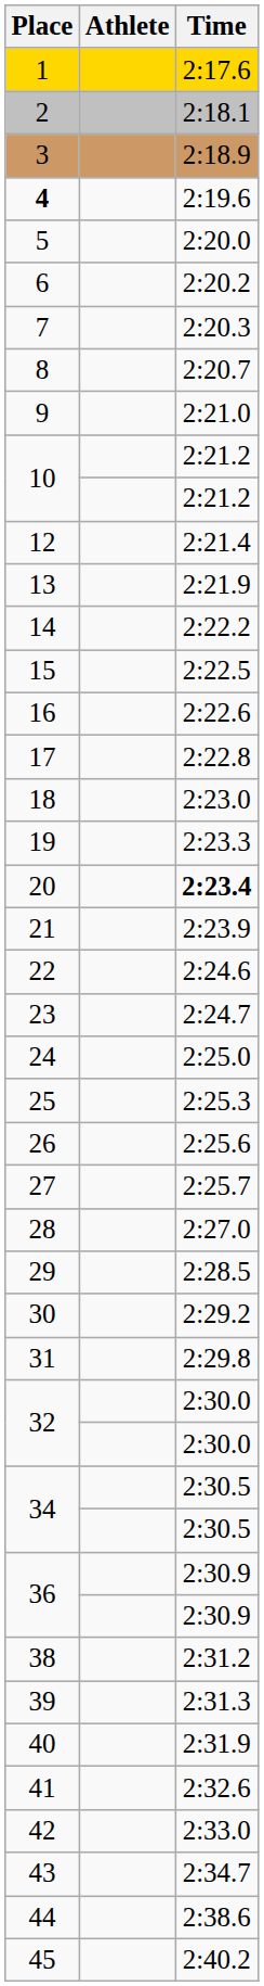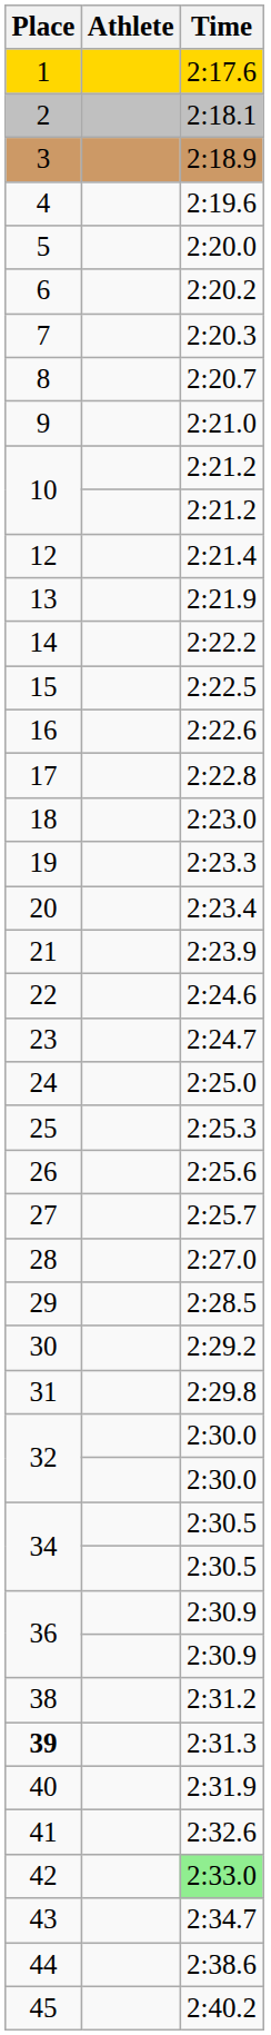 <table class="wikitable" style="text-align:center">
 <tr>
 <th>Place</th>
 <th>Athlete</th>
 <th>Time</th>
 </tr>
 <tr bgcolor=gold>
 <td>1</td>
 <td align=left></td>
 <td>2:17.6</td>
 </tr>
 <tr bgcolor=silver>
 <td>2</td>
 <td align=left></td>
 <td>2:18.1</td>
 </tr>
 <tr bgcolor=cc9966>
 <td>3</td>
 <td align=left></td>
 <td>2:18.9</td>
 </tr>
 <tr>
-<td><strong>4</strong></td>
+<td>4</td>
 <td align=left></td>
 <td>2:19.6</td>
 </tr>
 <tr>
 <td>5</td>
 <td align=left></td>
 <td>2:20.0</td>
 </tr>
 <tr>
 <td>6</td>
 <td align=left></td>
 <td>2:20.2</td>
 </tr>
 <tr>
 <td>7</td>
 <td align=left></td>
 <td>2:20.3</td>
 </tr>
 <tr>
 <td>8</td>
 <td align=left></td>
 <td>2:20.7</td>
 </tr>
 <tr>
 <td>9</td>
 <td align=left></td>
 <td>2:21.0</td>
 </tr>
 <tr>
 <td rowspan=2>10</td>
 <td align=left></td>
 <td>2:21.2</td>
 </tr>
 <tr>
 <td align=left></td>
 <td>2:21.2</td>
 </tr>
 <tr>
 <td>12</td>
 <td align=left></td>
 <td>2:21.4</td>
 </tr>
 <tr>
 <td>13</td>
 <td align=left></td>
 <td>2:21.9</td>
 </tr>
 <tr>
 <td>14</td>
 <td align=left></td>
 <td>2:22.2</td>
 </tr>
 <tr>
 <td>15</td>
 <td align=left></td>
 <td>2:22.5</td>
 </tr>
 <tr>
 <td>16</td>
 <td align=left></td>
 <td>2:22.6</td>
 </tr>
 <tr>
 <td>17</td>
 <td align=left></td>
 <td>2:22.8</td>
 </tr>
 <tr>
 <td>18</td>
 <td align=left></td>
 <td>2:23.0</td>
 </tr>
 <tr>
 <td>19</td>
 <td align=left></td>
 <td>2:23.3</td>
 </tr>
 <tr>
 <td>20</td>
 <td align=left></td>
-<td><strong>2:23.4</strong></td>
+<td>2:23.4</td>
 </tr>
 <tr>
 <td>21</td>
 <td align=left></td>
 <td>2:23.9</td>
 </tr>
 <tr>
 <td>22</td>
 <td align=left></td>
 <td>2:24.6</td>
 </tr>
 <tr>
 <td>23</td>
 <td align=left></td>
 <td>2:24.7</td>
 </tr>
 <tr>
 <td>24</td>
 <td align=left></td>
 <td>2:25.0</td>
 </tr>
 <tr>
 <td>25</td>
 <td align=left></td>
 <td>2:25.3</td>
 </tr>
 <tr>
 <td>26</td>
 <td align=left></td>
 <td>2:25.6</td>
 </tr>
 <tr>
 <td>27</td>
 <td align=left></td>
 <td>2:25.7</td>
 </tr>
 <tr>
 <td>28</td>
 <td align=left></td>
 <td>2:27.0</td>
 </tr>
 <tr>
 <td>29</td>
 <td align=left></td>
 <td>2:28.5</td>
 </tr>
 <tr>
 <td>30</td>
 <td align=left></td>
 <td>2:29.2</td>
 </tr>
 <tr>
 <td>31</td>
 <td align=left></td>
 <td>2:29.8</td>
 </tr>
 <tr>
 <td rowspan=2>32</td>
 <td align=left></td>
 <td>2:30.0</td>
 </tr>
 <tr>
 <td align=left></td>
 <td>2:30.0</td>
 </tr>
 <tr>
 <td rowspan=2>34</td>
 <td align=left></td>
 <td>2:30.5</td>
 </tr>
 <tr>
 <td align=left></td>
 <td>2:30.5</td>
 </tr>
 <tr>
 <td rowspan=2>36</td>
 <td align=left></td>
 <td>2:30.9</td>
 </tr>
 <tr>
 <td align=left></td>
 <td>2:30.9</td>
 </tr>
 <tr>
 <td>38</td>
 <td align=left></td>
 <td>2:31.2</td>
 </tr>
 <tr>
-<td>39</td>
+<td><strong>39</strong></td>
 <td align=left></td>
 <td>2:31.3</td>
 </tr>
 <tr>
 <td>40</td>
 <td align=left></td>
 <td>2:31.9</td>
 </tr>
 <tr>
 <td>41</td>
 <td align=left></td>
 <td>2:32.6</td>
 </tr>
 <tr>
 <td>42</td>
 <td align=left></td>
-<td>2:33.0</td>
+<td style="background: lightgreen;">2:33.0</td>
 </tr>
 <tr>
 <td>43</td>
 <td align=left></td>
 <td>2:34.7</td>
 </tr>
 <tr>
 <td>44</td>
 <td align=left></td>
 <td>2:38.6</td>
 </tr>
 <tr>
 <td>45</td>
 <td align=left></td>
 <td>2:40.2</td>
 </tr>
 </table>
